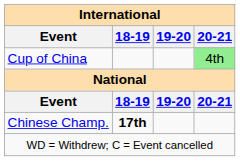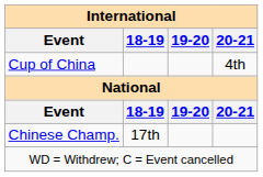 <table class="wikitable" style="text-align:center">
 <tr>
 <th style="background-color: #ffdead; " colspan=6 align=center>International  </th>
 </tr>
 <tr>
 <th>Event</th>
 <th><a href='#'>18-19</a></th>
 <th><a href='#'>19-20</a></th>
 <th><a href='#'>20-21</a></th>
 </tr>
 <tr>
 <td align=left><a href='#'>Cup of China</a></td>
 <td></td>
 <td></td>
-<td style="background: lightgreen;">4th</td>
+<td>4th</td>
 </tr>
 <tr>
 <th style="background-color: #ffdead; " colspan=6 align=center>National </th>
 </tr>
 <tr>
 <th>Event</th>
 <th><a href='#'>18-19</a></th>
 <th><a href='#'>19-20</a></th>
 <th><a href='#'>20-21</a></th>
 </tr>
 <tr>
 <td align=left><a href='#'>Chinese Champ.</a></td>
-<td><strong>17th</strong></td>
+<td>17th</td>
 <td></td>
 <td></td>
 </tr>
 <tr>
 <td colspan=6 align=center><small> WD = Withdrew; C = Event cancelled </small></td>
 </tr>
 </table>
